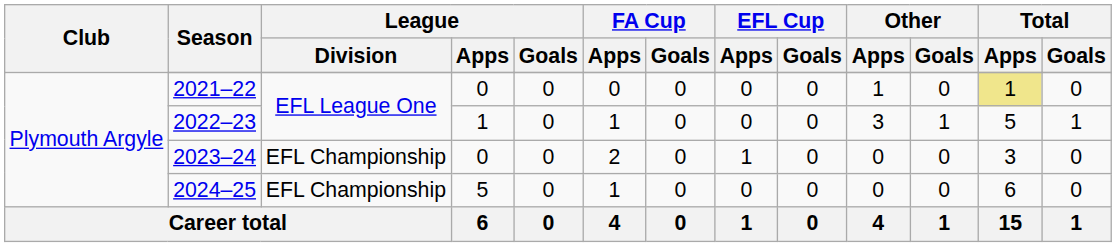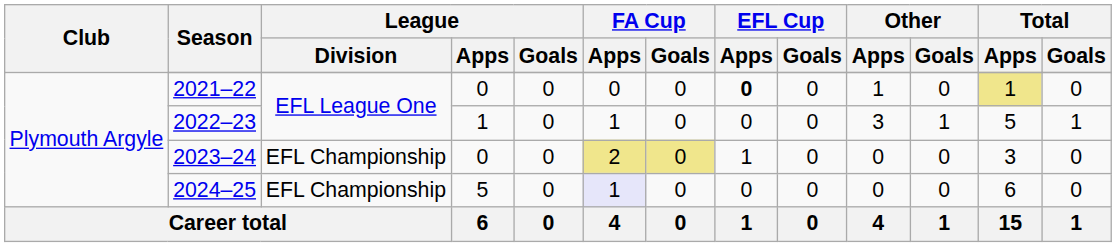 <table class="wikitable" style="text-align:center">
 <tr>
 <th rowspan="2">Club</th>
 <th rowspan="2">Season</th>
 <th colspan="3">League</th>
 <th colspan="2"><a href='#'>FA Cup</a></th>
 <th colspan="2"><a href='#'>EFL Cup</a></th>
 <th colspan="2">Other</th>
 <th colspan="2">Total</th>
 </tr>
 <tr>
 <th>Division</th>
 <th>Apps</th>
 <th>Goals</th>
 <th>Apps</th>
 <th>Goals</th>
 <th>Apps</th>
 <th>Goals</th>
 <th>Apps</th>
 <th>Goals</th>
 <th>Apps</th>
 <th>Goals</th>
 </tr>
 <tr>
 <td rowspan="5"><a href='#'>Plymouth Argyle</a></td>
 </tr>
 <tr>
 <td><a href='#'>2021–22</a></td>
 <td rowspan="2"><a href='#'>EFL League One</a></td>
 <td>0</td>
 <td>0</td>
 <td>0</td>
 <td>0</td>
-<td>0</td>
+<td><strong>0</strong></td>
 <td>0</td>
 <td>1</td>
 <td>0</td>
 <td style="background: khaki;">1</td>
 <td>0</td>
 </tr>
 <tr>
 <td><a href='#'>2022–23</a></td>
 <td>1</td>
 <td>0</td>
 <td>1</td>
 <td>0</td>
 <td>0</td>
 <td>0</td>
 <td>3</td>
 <td>1</td>
 <td>5</td>
 <td>1</td>
 </tr>
 <tr>
 <td><a href='#'>2023–24</a></td>
 <td>EFL Championship</td>
 <td>0</td>
 <td>0</td>
-<td>2</td>
-<td>0</td>
+<td style="background: khaki;">2</td>
+<td style="background: khaki;">0</td>
 <td>1</td>
 <td>0</td>
 <td>0</td>
 <td>0</td>
 <td>3</td>
 <td>0</td>
 </tr>
 <tr>
 <td><a href='#'>2024–25</a></td>
 <td>EFL Championship</td>
 <td>5</td>
 <td>0</td>
-<td>1</td>
+<td style="background: lavender;">1</td>
 <td>0</td>
 <td>0</td>
 <td>0</td>
 <td>0</td>
 <td>0</td>
 <td>6</td>
 <td>0</td>
 </tr>
 <tr>
 <th colspan="3">Career total</th>
 <th>6</th>
 <th>0</th>
 <th>4</th>
 <th>0</th>
 <th>1</th>
 <th>0</th>
 <th>4</th>
 <th>1</th>
 <th>15</th>
 <th>1</th>
 </tr>
 </table>
